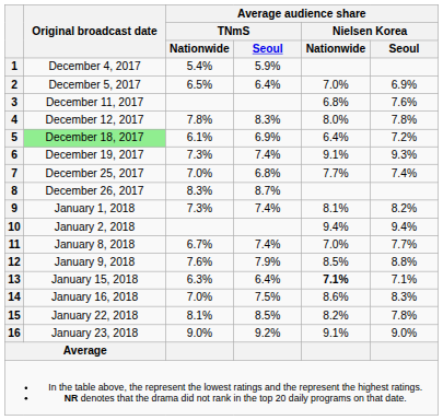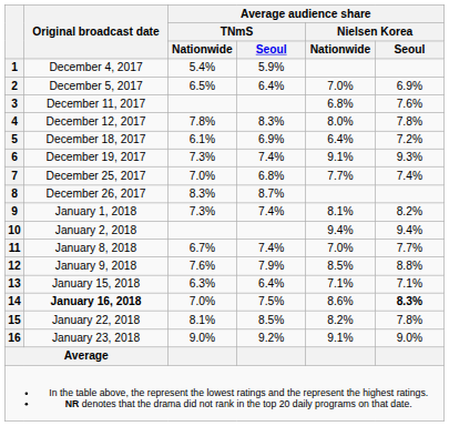 <table class="wikitable" style="text-align:center; width:620px">
 <tr>
 <th rowspan="3"></th>
 <th rowspan="3">Original broadcast date</th>
 <th colspan="4">Average audience share</th>
 </tr>
 <tr>
 <th colspan="2">TNmS</th>
 <th colspan="2">Nielsen Korea</th>
 </tr>
 <tr>
 <th width="90">Nationwide</th>
 <th width="90"><a href='#'>Seoul</a></th>
 <th width="90">Nationwide</th>
 <th width="90">Seoul</th>
 </tr>
 <tr>
 <th>1</th>
 <td>December 4, 2017</td>
 <td>5.4% </td>
 <td>5.9% </td>
 <td> </td>
 <td> </td>
 </tr>
 <tr>
 <th>2</th>
 <td>December 5, 2017</td>
 <td>6.5% </td>
 <td>6.4% </td>
 <td>7.0% </td>
 <td>6.9% </td>
 </tr>
 <tr>
 <th>3</th>
 <td>December 11, 2017</td>
 <td> </td>
 <td> </td>
 <td>6.8% </td>
 <td>7.6% </td>
 </tr>
 <tr>
 <th>4</th>
 <td>December 12, 2017</td>
 <td>7.8% </td>
 <td>8.3% </td>
 <td>8.0% </td>
 <td>7.8% </td>
 </tr>
 <tr>
 <th>5</th>
-<td style="background: lightgreen;">December 18, 2017</td>
+<td>December 18, 2017</td>
 <td>6.1% </td>
 <td>6.9% </td>
 <td>6.4% </td>
 <td>7.2% </td>
 </tr>
 <tr>
 <th>6</th>
 <td>December 19, 2017</td>
 <td>7.3% </td>
 <td>7.4% </td>
 <td>9.1% </td>
 <td>9.3% </td>
 </tr>
 <tr>
 <th>7</th>
 <td>December 25, 2017</td>
 <td>7.0% </td>
 <td>6.8% </td>
 <td>7.7% </td>
 <td>7.4% </td>
 </tr>
 <tr>
 <th>8</th>
 <td>December 26, 2017</td>
 <td>8.3% </td>
 <td>8.7% </td>
 <td> </td>
 <td> </td>
 </tr>
 <tr>
 <th>9</th>
 <td>January 1, 2018</td>
 <td>7.3% </td>
 <td>7.4% </td>
 <td>8.1% </td>
 <td>8.2% </td>
 </tr>
 <tr>
 <th>10</th>
 <td>January 2, 2018</td>
 <td> </td>
 <td> </td>
 <td>9.4% </td>
 <td>9.4% </td>
 </tr>
 <tr>
 <th>11</th>
 <td>January 8, 2018</td>
 <td>6.7% </td>
 <td>7.4% </td>
 <td>7.0% </td>
 <td>7.7% </td>
 </tr>
 <tr>
 <th>12</th>
 <td>January 9, 2018</td>
 <td>7.6% </td>
 <td>7.9% </td>
 <td>8.5% </td>
 <td>8.8% </td>
 </tr>
 <tr>
 <th>13</th>
 <td>January 15, 2018</td>
 <td>6.3% </td>
 <td>6.4% </td>
-<td><strong>7.1% </strong></td>
+<td>7.1% </td>
 <td>7.1% </td>
 </tr>
 <tr>
 <th>14</th>
-<td>January 16, 2018</td>
+<td><strong>January 16, 2018</strong></td>
 <td>7.0% </td>
 <td>7.5% </td>
 <td>8.6% </td>
-<td>8.3% </td>
+<td><strong>8.3% </strong></td>
 </tr>
 <tr>
 <th>15</th>
 <td>January 22, 2018</td>
 <td>8.1% </td>
 <td>8.5% </td>
 <td>8.2% </td>
 <td>7.8% </td>
 </tr>
 <tr>
 <th>16</th>
 <td>January 23, 2018</td>
 <td>9.0% </td>
 <td>9.2% </td>
 <td>9.1% </td>
 <td>9.0% </td>
 </tr>
 <tr>
 <th colspan="2">Average</th>
 <th></th>
 <th></th>
 <th></th>
 <th></th>
 </tr>
 <tr>
 <td colspan="6" style="font-size:85%"><br><ul><li>In the table above, the <strong></strong> represent the lowest ratings and the <strong></strong> represent the highest ratings.</li><li><strong>NR</strong> denotes that the drama did not rank in the top 20 daily programs on that date.</li></ul></td>
 </tr>
 </table>
